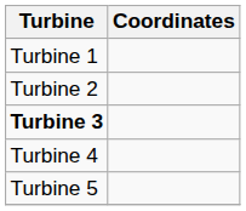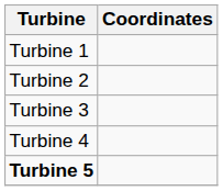 <table class="wikitable">
 <tr>
 <th>Turbine</th>
 <th>Coordinates</th>
 </tr>
 <tr>
 <td>Turbine 1</td>
 <td></td>
 </tr>
 <tr>
 <td>Turbine 2</td>
 <td></td>
 </tr>
 <tr>
-<td><strong>Turbine 3</strong></td>
+<td>Turbine 3</td>
 <td></td>
 </tr>
 <tr>
 <td>Turbine 4</td>
 <td></td>
 </tr>
 <tr>
-<td>Turbine 5</td>
+<td><strong>Turbine 5</strong></td>
 <td></td>
 </tr>
 <tr>
 </tr>
 </table>
